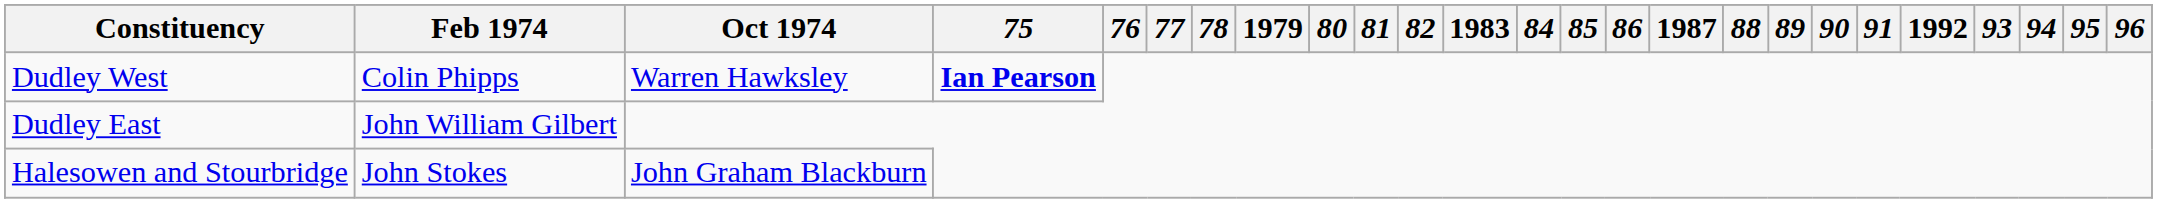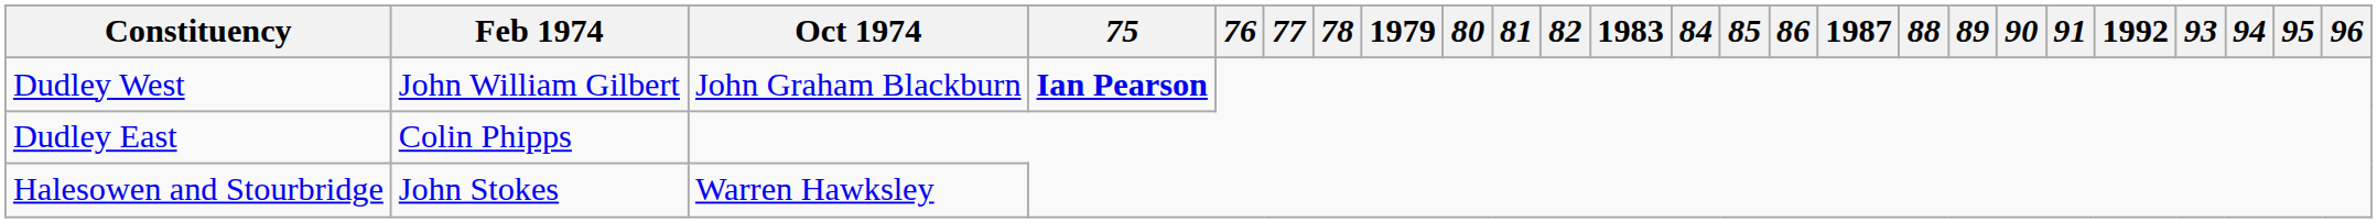 <table class="wikitable">
 <tr>
 <th>Constituency</th>
 <th>Feb 1974</th>
 <th>Oct 1974</th>
 <th><em>75</em></th>
 <th><em>76</em></th>
 <th><em>77</em></th>
 <th><em>78</em></th>
 <th>1979</th>
 <th><em>80</em></th>
 <th><em>81</em></th>
 <th><em>82</em></th>
 <th>1983</th>
 <th><em>84</em></th>
 <th><em>85</em></th>
 <th><em>86</em></th>
 <th>1987</th>
 <th><em>88</em></th>
 <th><em>89</em></th>
 <th><em>90</em></th>
 <th><em>91</em></th>
 <th>1992</th>
 <th><em>93</em></th>
 <th><em>94</em></th>
 <th><em>95</em></th>
 <th><em>96</em></th>
 </tr>
 <tr>
 <td><a href='#'>Dudley West</a></td>
-<td><a href='#'>Colin Phipps</a></td>
-<td><a href='#'>Warren Hawksley</a></td>
+<td><a href='#'>John William Gilbert</a></td>
+<td><a href='#'>John Graham Blackburn</a></td>
 <td><strong><a href='#'>Ian Pearson</a></strong></td>
 </tr>
 <tr>
 <td><a href='#'>Dudley East</a></td>
-<td><a href='#'>John William Gilbert</a></td>
+<td><a href='#'>Colin Phipps</a></td>
 </tr>
 <tr>
 <td><a href='#'>Halesowen and Stourbridge</a></td>
 <td><a href='#'> John Stokes</a></td>
-<td><a href='#'>John Graham Blackburn</a></td>
+<td><a href='#'>Warren Hawksley</a></td>
 </tr>
 </table>
